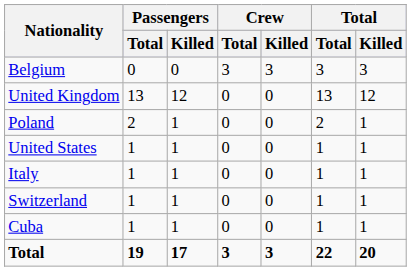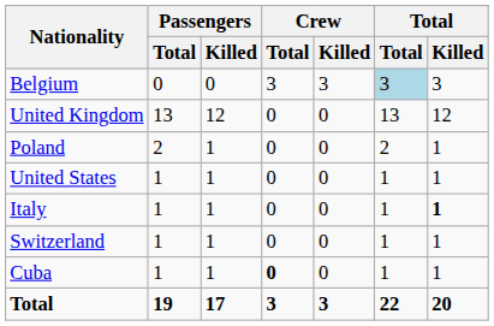 <table class="wikitable">
 <tr style="background:#ccccff;">
 <th rowspan=2>Nationality</th>
 <th colspan=2>Passengers</th>
 <th colspan=2>Crew</th>
 <th colspan=2>Total</th>
 </tr>
 <tr style="background:#ccccff;">
 <th>Total</th>
 <th>Killed</th>
 <th>Total</th>
 <th>Killed</th>
 <th>Total</th>
 <th>Killed</th>
 </tr>
 <tr valign=top>
 <td><a href='#'>Belgium</a></td>
 <td>0</td>
 <td>0</td>
 <td>3</td>
 <td>3</td>
-<td>3</td>
+<td style="background: lightblue;">3</td>
 <td>3</td>
 </tr>
 <tr valign=top>
 <td><a href='#'>United Kingdom</a></td>
 <td>13</td>
 <td>12</td>
 <td>0</td>
 <td>0</td>
 <td>13</td>
 <td>12</td>
 </tr>
 <tr valign=top>
 <td><a href='#'>Poland</a></td>
 <td>2</td>
 <td>1</td>
 <td>0</td>
 <td>0</td>
 <td>2</td>
 <td>1</td>
 </tr>
 <tr valign=top>
 <td><a href='#'>United States</a></td>
 <td>1</td>
 <td>1</td>
 <td>0</td>
 <td>0</td>
 <td>1</td>
 <td>1</td>
 </tr>
 <tr valign=top>
 <td><a href='#'>Italy</a></td>
 <td>1</td>
 <td>1</td>
 <td>0</td>
 <td>0</td>
 <td>1</td>
-<td>1</td>
+<td><strong>1</strong></td>
 </tr>
 <tr valign=top>
 <td><a href='#'>Switzerland</a></td>
 <td>1</td>
 <td>1</td>
 <td>0</td>
 <td>0</td>
 <td>1</td>
 <td>1</td>
 </tr>
 <tr valign=top>
 <td><a href='#'>Cuba</a></td>
 <td>1</td>
 <td>1</td>
-<td>0</td>
+<td><strong>0</strong></td>
 <td>0</td>
 <td>1</td>
 <td>1</td>
 </tr>
 <tr valign=top>
 <td><strong>Total</strong></td>
 <td><strong>19</strong></td>
 <td><strong>17</strong></td>
 <td><strong>3</strong></td>
 <td><strong>3</strong></td>
 <td><strong>22</strong></td>
 <td><strong>20</strong></td>
 </tr>
 </table>
